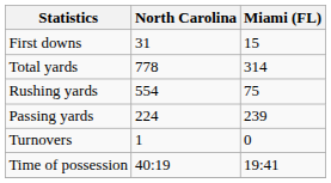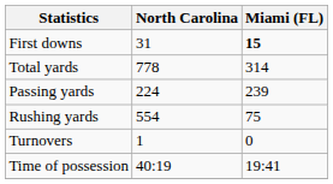 <table class="wikitable">
 <tr>
 <th>Statistics</th>
 <th>North Carolina</th>
 <th>Miami (FL)</th>
 </tr>
 <tr>
 <td>First downs</td>
 <td>31</td>
-<td>15</td>
+<td><strong>15</strong></td>
 </tr>
 <tr>
 <td>Total yards</td>
 <td>778</td>
 <td>314</td>
 </tr>
 <tr>
+<td>Passing yards</td>
+<td>224</td>
+<td>239</td>
+</tr>
+<tr>
 <td>Rushing yards</td>
 <td>554</td>
 <td>75</td>
-</tr>
-<tr>
-<td>Passing yards</td>
-<td>224</td>
-<td>239</td>
 </tr>
 <tr>
 <td>Turnovers</td>
 <td>1</td>
 <td>0</td>
 </tr>
 <tr>
 <td>Time of possession</td>
 <td>40:19</td>
 <td>19:41</td>
 </tr>
 <tr>
 </tr>
 </table>
